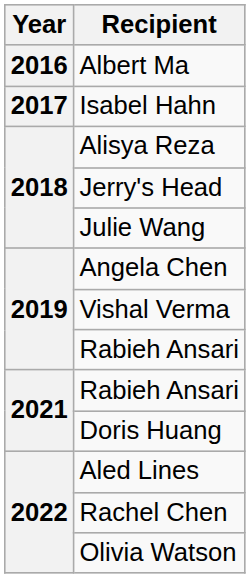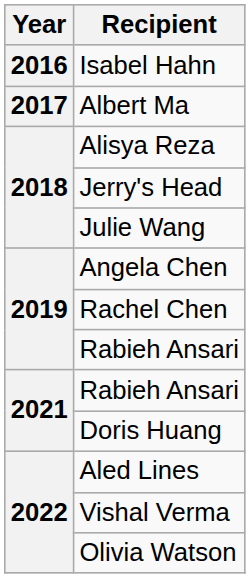 <table class="wikitable mw-collapsible">
 <tr>
 <th>Year</th>
 <th>Recipient</th>
 </tr>
 <tr>
 <th>2016</th>
-<td>Albert Ma</td>
+<td>Isabel Hahn</td>
 </tr>
 <tr>
 <th>2017</th>
-<td>Isabel Hahn</td>
+<td>Albert Ma</td>
 </tr>
 <tr>
 <th rowspan="3">2018</th>
 <td>Alisya Reza</td>
 </tr>
 <tr>
 <td>Jerry's Head</td>
 </tr>
 <tr>
 <td>Julie Wang</td>
 </tr>
 <tr>
 <th rowspan="3">2019</th>
 <td>Angela Chen</td>
 </tr>
 <tr>
-<td>Vishal Verma</td>
+<td>Rachel Chen</td>
 </tr>
 <tr>
 <td>Rabieh Ansari</td>
 </tr>
 <tr>
 <th rowspan="2">2021</th>
 <td>Rabieh Ansari</td>
 </tr>
 <tr>
 <td>Doris Huang</td>
 </tr>
 <tr>
 <th rowspan="3">2022</th>
 <td>Aled Lines</td>
 </tr>
 <tr>
-<td>Rachel Chen</td>
+<td>Vishal Verma</td>
 </tr>
 <tr>
 <td>Olivia Watson</td>
 </tr>
 </table>
